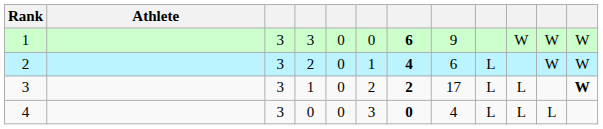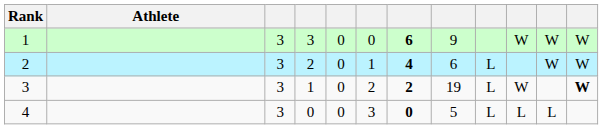 <table class="wikitable" style="text-align: center;">
 <tr>
 <th width=25>Rank</th>
 <th width=225>Athlete</th>
 <th width=25></th>
 <th width=25></th>
 <th width=25></th>
 <th width=25></th>
 <th width=40></th>
 <th width=40></th>
 <th width=25></th>
 <th width=25></th>
 <th width=25></th>
 <th width=25></th>
 </tr>
 <tr bgcolor=ccffcc>
 <td>1</td>
 <td align=left></td>
 <td>3</td>
 <td>3</td>
 <td>0</td>
 <td>0</td>
 <td><strong>6</strong></td>
 <td>9</td>
 <td></td>
 <td>W</td>
 <td>W</td>
 <td>W</td>
 </tr>
 <tr bgcolor=bbf3ff>
 <td>2</td>
 <td align=left></td>
 <td>3</td>
 <td>2</td>
 <td>0</td>
 <td>1</td>
 <td><strong>4</strong></td>
 <td>6</td>
 <td>L</td>
 <td></td>
 <td>W</td>
 <td>W</td>
 </tr>
 <tr>
 <td>3</td>
 <td align=left></td>
 <td>3</td>
 <td>1</td>
 <td>0</td>
 <td>2</td>
 <td><strong>2</strong></td>
-<td>17</td>
+<td>19</td>
 <td>L</td>
-<td>L</td>
+<td>W</td>
 <td></td>
 <td><strong>W</strong></td>
 </tr>
 <tr>
 <td>4</td>
 <td align=left></td>
 <td>3</td>
 <td>0</td>
 <td>0</td>
 <td>3</td>
 <td><strong>0</strong></td>
-<td>4</td>
+<td>5</td>
 <td>L</td>
 <td>L</td>
 <td>L</td>
 <td></td>
 </tr>
 </table>
